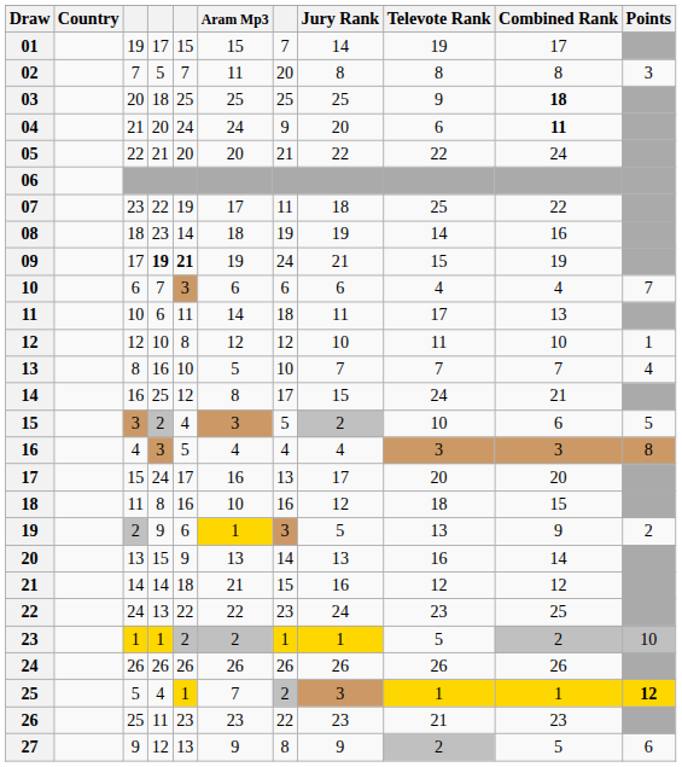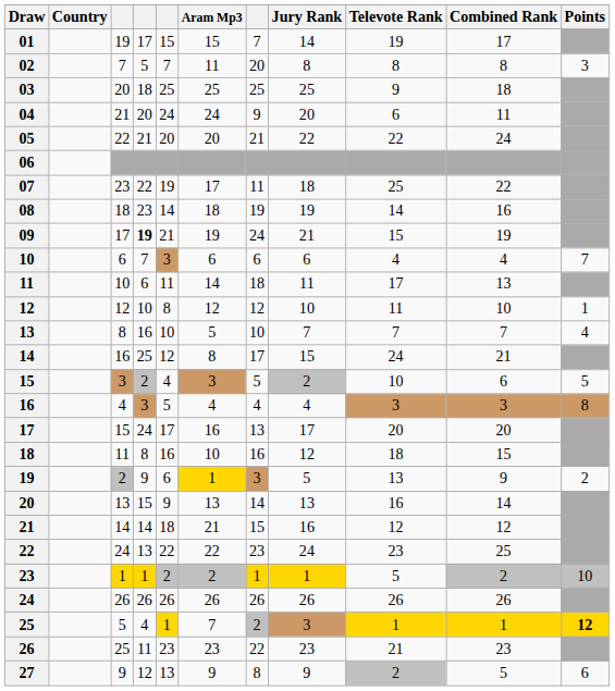 <table class="sortable wikitable collapsible plainrowheaders" style="text-align:center;">
 <tr>
 </tr>
 <tr>
 <th scope="col">Draw</th>
 <th scope="col">Country</th>
 <th scope="col"><small></small></th>
 <th scope="col"><small></small></th>
 <th scope="col"><small></small></th>
 <th scope="col"><small>Aram Mp3</small></th>
 <th scope="col"><small></small></th>
 <th scope="col">Jury Rank</th>
 <th scope="col">Televote Rank</th>
 <th scope="col">Combined Rank</th>
 <th scope="col">Points</th>
 </tr>
 <tr>
 <th scope="row" style="text-align:center;">01</th>
 <td style="text-align:left;"></td>
 <td>19</td>
 <td>17</td>
 <td>15</td>
 <td>15</td>
 <td>7</td>
 <td>14</td>
 <td>19</td>
 <td>17</td>
 <td style="background:#AAAAAA;"></td>
 </tr>
 <tr>
 <th scope="row" style="text-align:center;">02</th>
 <td style="text-align:left;"></td>
 <td>7</td>
 <td>5</td>
 <td>7</td>
 <td>11</td>
 <td>20</td>
 <td>8</td>
 <td>8</td>
 <td>8</td>
 <td>3</td>
 </tr>
 <tr>
 <th scope="row" style="text-align:center;">03</th>
 <td style="text-align:left;"></td>
 <td>20</td>
 <td>18</td>
 <td>25</td>
 <td>25</td>
 <td>25</td>
 <td>25</td>
 <td>9</td>
-<td><strong>18</strong></td>
+<td>18</td>
 <td style="background:#AAAAAA;"></td>
 </tr>
 <tr>
 <th scope="row" style="text-align:center;">04</th>
 <td style="text-align:left;"></td>
 <td>21</td>
 <td>20</td>
 <td>24</td>
 <td>24</td>
 <td>9</td>
 <td>20</td>
 <td>6</td>
-<td><strong>11</strong></td>
+<td>11</td>
 <td style="background:#AAAAAA;"></td>
 </tr>
 <tr>
 <th scope="row" style="text-align:center;">05</th>
 <td style="text-align:left;"></td>
 <td>22</td>
 <td>21</td>
 <td>20</td>
 <td>20</td>
 <td>21</td>
 <td>22</td>
 <td>22</td>
 <td>24</td>
 <td style="background:#AAAAAA;"></td>
 </tr>
 <tr class="sortbottom">
 <th scope="row" style="text-align:center;">06</th>
 <td style="text-align:left;"></td>
 <td style="background:#AAAAAA;"></td>
 <td style="background:#AAAAAA;"></td>
 <td style="background:#AAAAAA;"></td>
 <td style="background:#AAAAAA;"></td>
 <td style="background:#AAAAAA;"></td>
 <td style="background:#AAAAAA;"></td>
 <td style="background:#AAAAAA;"></td>
 <td style="background:#AAAAAA;"></td>
 <td style="background:#AAAAAA;"></td>
 </tr>
 <tr>
 <th scope="row" style="text-align:center;">07</th>
 <td style="text-align:left;"></td>
 <td>23</td>
 <td>22</td>
 <td>19</td>
 <td>17</td>
 <td>11</td>
 <td>18</td>
 <td>25</td>
 <td>22</td>
 <td style="background:#AAAAAA;"></td>
 </tr>
 <tr>
 <th scope="row" style="text-align:center;">08</th>
 <td style="text-align:left;"></td>
 <td>18</td>
 <td>23</td>
 <td>14</td>
 <td>18</td>
 <td>19</td>
 <td>19</td>
 <td>14</td>
 <td>16</td>
 <td style="background:#AAAAAA;"></td>
 </tr>
 <tr>
 <th scope="row" style="text-align:center;">09</th>
 <td style="text-align:left;"></td>
 <td>17</td>
 <td><strong>19</strong></td>
-<td><strong>21</strong></td>
+<td>21</td>
 <td>19</td>
 <td>24</td>
 <td>21</td>
 <td>15</td>
 <td>19</td>
 <td style="background:#AAAAAA;"></td>
 </tr>
 <tr>
 <th scope="row" style="text-align:center;">10</th>
 <td style="text-align:left;"></td>
 <td>6</td>
 <td>7</td>
 <td style="background:#CC9966;">3</td>
 <td>6</td>
 <td>6</td>
 <td>6</td>
 <td>4</td>
 <td>4</td>
 <td>7</td>
 </tr>
 <tr>
 <th scope="row" style="text-align:center;">11</th>
 <td style="text-align:left;"></td>
 <td>10</td>
 <td>6</td>
 <td>11</td>
 <td>14</td>
 <td>18</td>
 <td>11</td>
 <td>17</td>
 <td>13</td>
 <td style="background:#AAAAAA;"></td>
 </tr>
 <tr>
 <th scope="row" style="text-align:center;">12</th>
 <td style="text-align:left;"></td>
 <td>12</td>
 <td>10</td>
 <td>8</td>
 <td>12</td>
 <td>12</td>
 <td>10</td>
 <td>11</td>
 <td>10</td>
 <td>1</td>
 </tr>
 <tr>
 <th scope="row" style="text-align:center;">13</th>
 <td style="text-align:left;"></td>
 <td>8</td>
 <td>16</td>
 <td>10</td>
 <td>5</td>
 <td>10</td>
 <td>7</td>
 <td>7</td>
 <td>7</td>
 <td>4</td>
 </tr>
 <tr>
 <th scope="row" style="text-align:center;">14</th>
 <td style="text-align:left;"></td>
 <td>16</td>
 <td>25</td>
 <td>12</td>
 <td>8</td>
 <td>17</td>
 <td>15</td>
 <td>24</td>
 <td>21</td>
 <td style="background:#AAAAAA;"></td>
 </tr>
 <tr>
 <th scope="row" style="text-align:center;">15</th>
 <td style="text-align:left;"></td>
 <td style="background:#CC9966;">3</td>
 <td style="background:silver;">2</td>
 <td>4</td>
 <td style="background:#CC9966;">3</td>
 <td>5</td>
 <td style="background:silver;">2</td>
 <td>10</td>
 <td>6</td>
 <td>5</td>
 </tr>
 <tr>
 <th scope="row" style="text-align:center;">16</th>
 <td style="text-align:left;"></td>
 <td>4</td>
 <td style="background:#CC9966;">3</td>
 <td>5</td>
 <td>4</td>
 <td>4</td>
 <td>4</td>
 <td style="background:#CC9966;">3</td>
 <td style="background:#CC9966;">3</td>
 <td style="background:#CC9966;">8</td>
 </tr>
 <tr>
 <th scope="row" style="text-align:center;">17</th>
 <td style="text-align:left;"></td>
 <td>15</td>
 <td>24</td>
 <td>17</td>
 <td>16</td>
 <td>13</td>
 <td>17</td>
 <td>20</td>
 <td>20</td>
 <td style="background:#AAAAAA;"></td>
 </tr>
 <tr>
 <th scope="row" style="text-align:center;">18</th>
 <td style="text-align:left;"></td>
 <td>11</td>
 <td>8</td>
 <td>16</td>
 <td>10</td>
 <td>16</td>
 <td>12</td>
 <td>18</td>
 <td>15</td>
 <td style="background:#AAAAAA;"></td>
 </tr>
 <tr>
 <th scope="row" style="text-align:center;">19</th>
 <td style="text-align:left;"></td>
 <td style="background:silver;">2</td>
 <td>9</td>
 <td>6</td>
 <td style="background:gold;">1</td>
 <td style="background:#CC9966;">3</td>
 <td>5</td>
 <td>13</td>
 <td>9</td>
 <td>2</td>
 </tr>
 <tr>
 <th scope="row" style="text-align:center;">20</th>
 <td style="text-align:left;"></td>
 <td>13</td>
 <td>15</td>
 <td>9</td>
 <td>13</td>
 <td>14</td>
 <td>13</td>
 <td>16</td>
 <td>14</td>
 <td style="background:#AAAAAA;"></td>
 </tr>
 <tr>
 <th scope="row" style="text-align:center;">21</th>
 <td style="text-align:left;"></td>
 <td>14</td>
 <td>14</td>
 <td>18</td>
 <td>21</td>
 <td>15</td>
 <td>16</td>
 <td>12</td>
 <td>12</td>
 <td style="background:#AAAAAA;"></td>
 </tr>
 <tr>
 <th scope="row" style="text-align:center;">22</th>
 <td style="text-align:left;"></td>
 <td>24</td>
 <td>13</td>
 <td>22</td>
 <td>22</td>
 <td>23</td>
 <td>24</td>
 <td>23</td>
 <td>25</td>
 <td style="background:#AAAAAA;"></td>
 </tr>
 <tr>
 <th scope="row" style="text-align:center;">23</th>
 <td style="text-align:left;"></td>
 <td style="background:gold;">1</td>
 <td style="background:gold;">1</td>
 <td style="background:silver;">2</td>
 <td style="background:silver;">2</td>
 <td style="background:gold;">1</td>
 <td style="background:gold;">1</td>
 <td>5</td>
 <td style="background:silver;">2</td>
 <td style="background:silver;">10</td>
 </tr>
 <tr>
 <th scope="row" style="text-align:center;">24</th>
 <td style="text-align:left;"></td>
 <td>26</td>
 <td>26</td>
 <td>26</td>
 <td>26</td>
 <td>26</td>
 <td>26</td>
 <td>26</td>
 <td>26</td>
 <td style="background:#AAAAAA;"></td>
 </tr>
 <tr>
 <th scope="row" style="text-align:center;">25</th>
 <td style="text-align:left;"></td>
 <td>5</td>
 <td>4</td>
 <td style="background:gold;">1</td>
 <td>7</td>
 <td style="background:silver;">2</td>
 <td style="background:#CC9966;">3</td>
 <td style="background:gold;">1</td>
 <td style="background:gold;">1</td>
 <td style="background:gold;"><strong>12</strong></td>
 </tr>
 <tr>
 <th scope="row" style="text-align:center;">26</th>
 <td style="text-align:left;"></td>
 <td>25</td>
 <td>11</td>
 <td>23</td>
 <td>23</td>
 <td>22</td>
 <td>23</td>
 <td>21</td>
 <td>23</td>
 <td style="background:#AAAAAA;"></td>
 </tr>
 <tr>
 <th scope="row" style="text-align:center;">27</th>
 <td style="text-align:left;"></td>
 <td>9</td>
 <td>12</td>
 <td>13</td>
 <td>9</td>
 <td>8</td>
 <td>9</td>
 <td style="background:silver;">2</td>
 <td>5</td>
 <td>6</td>
 </tr>
 </table>
